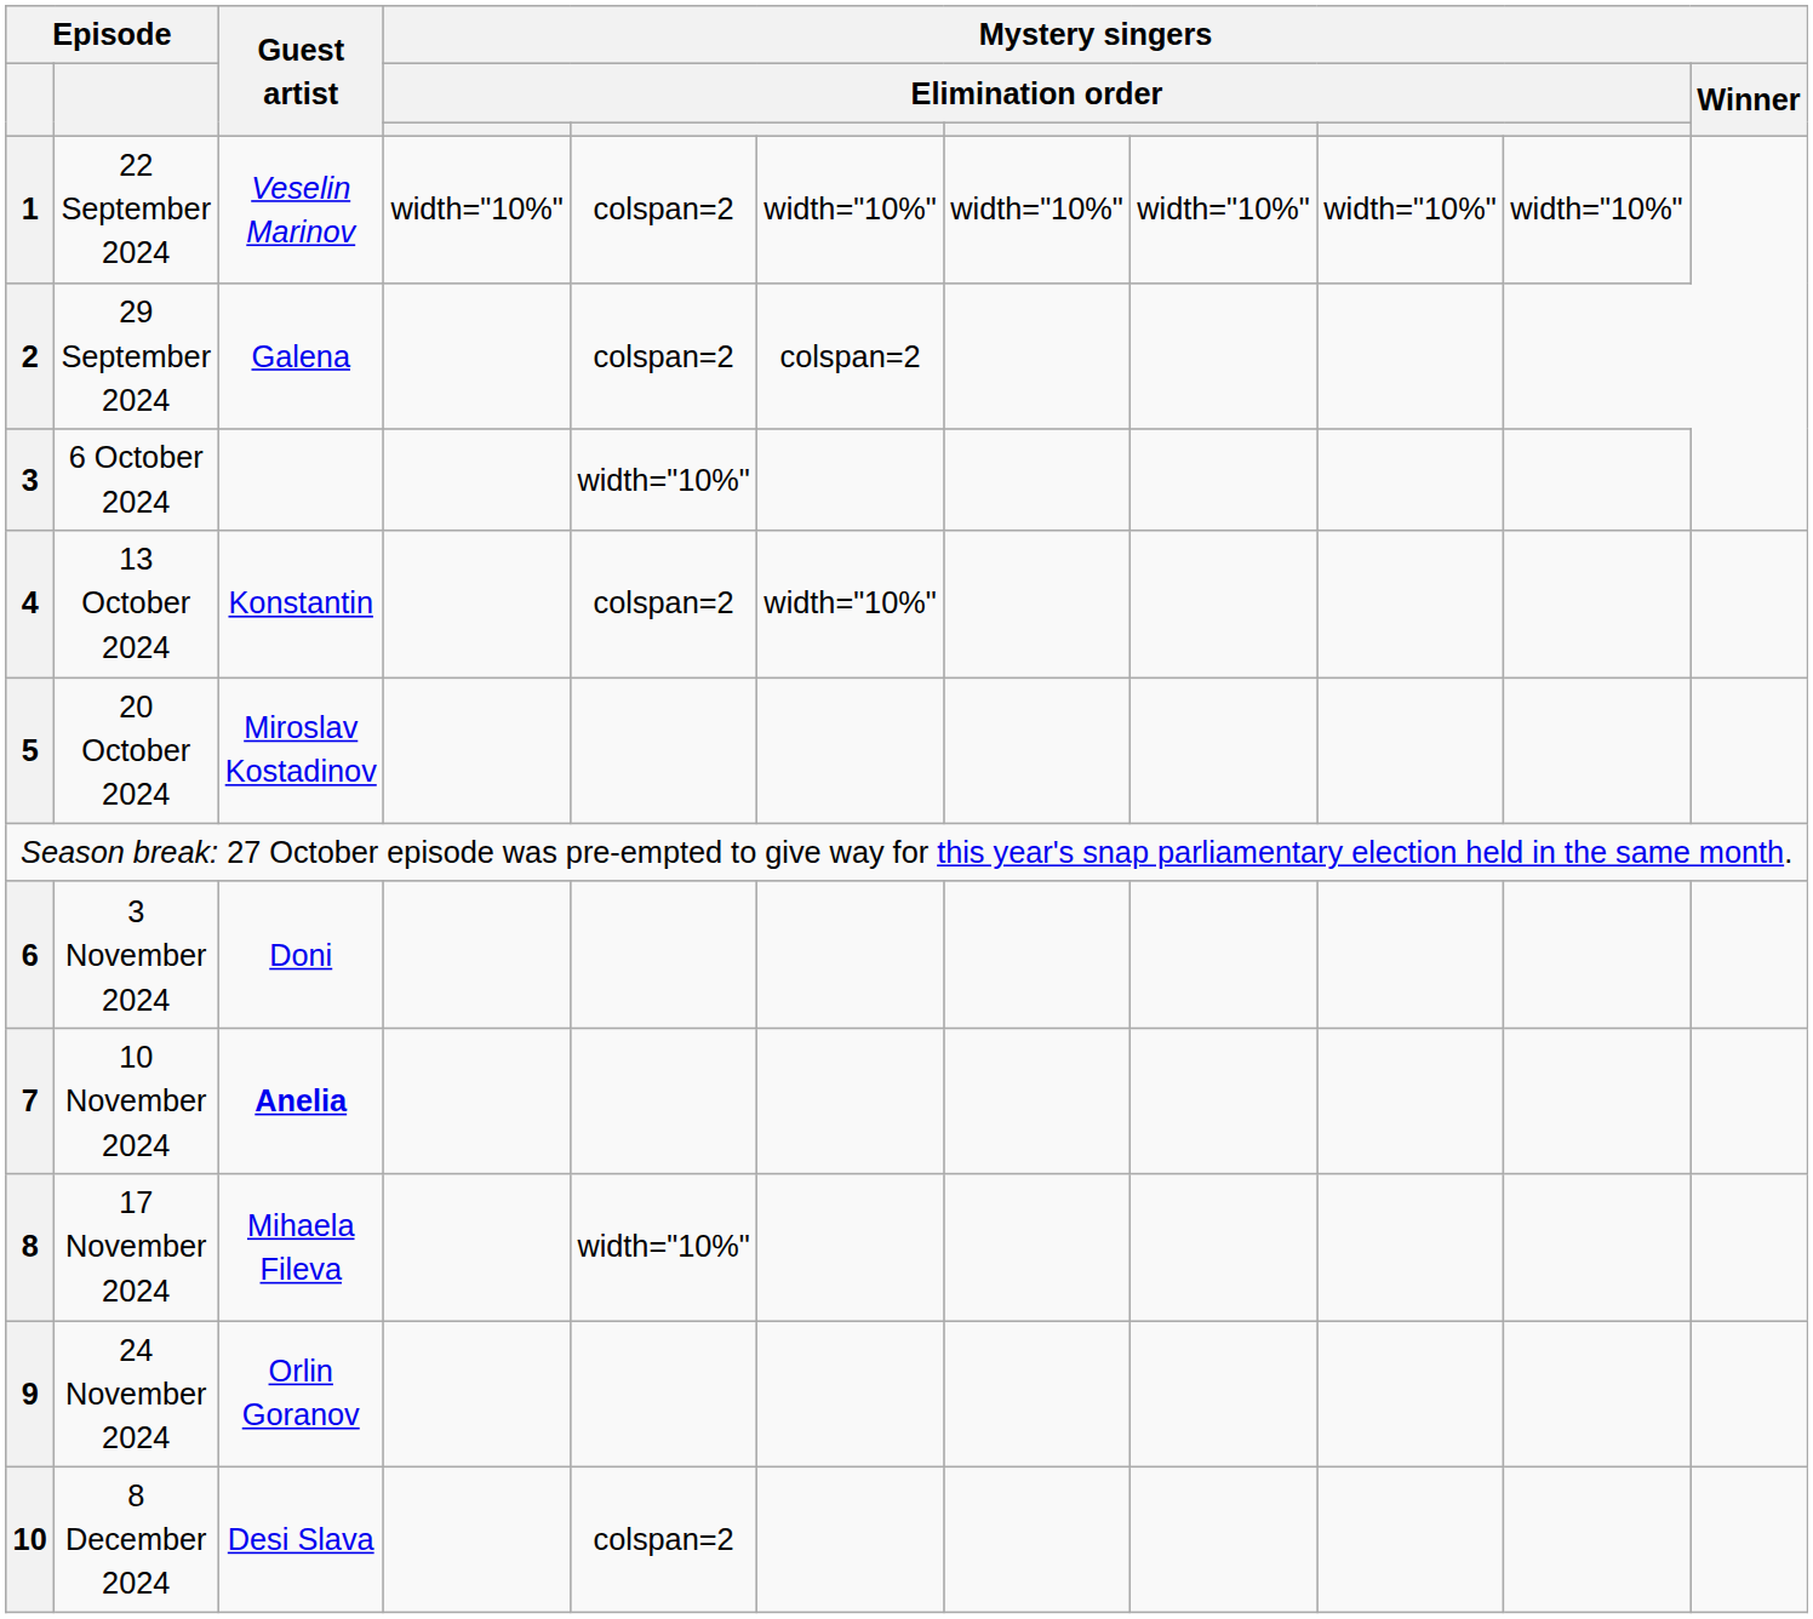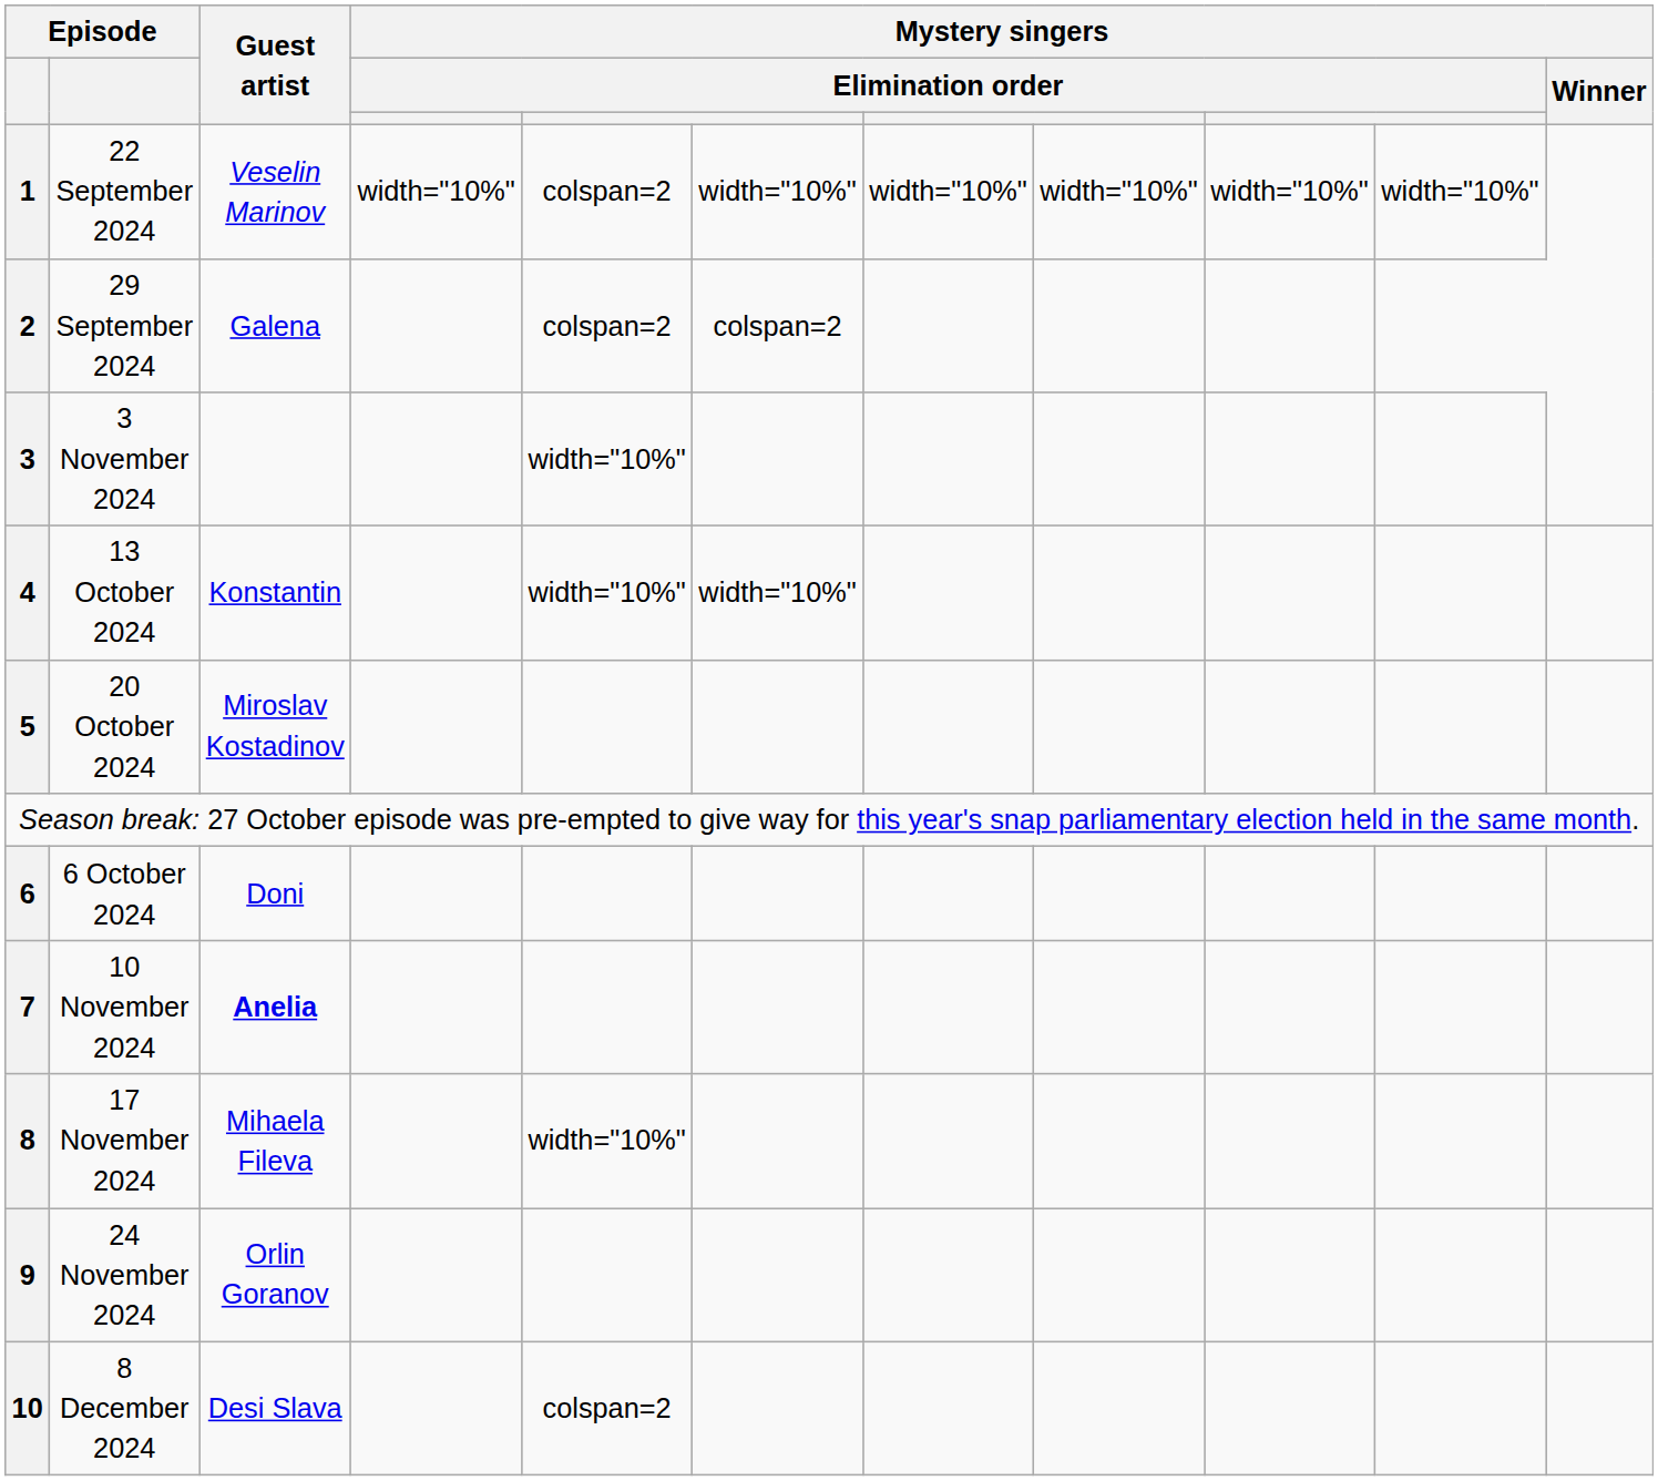 <table class="wikitable plainrowheaders mw-collapsible" style="text-align:center; line-height:23px; width:100%;">
 <tr>
 <th colspan="2" width="1%">Episode</th>
 <th rowspan="3" width="10%">Guest artist</th>
 <th colspan="8">Mystery singers<br></th>
 </tr>
 <tr>
 <th rowspan="2"></th>
 <th rowspan="2"></th>
 <th colspan="7">Elimination order</th>
 <th rowspan="2">Winner</th>
 </tr>
 <tr>
 <th></th>
 <th colspan="2"></th>
 <th colspan="2"></th>
 <th colspan="2"></th>
 </tr>
 <tr>
 <th>1</th>
 <td>22 September 2024</td>
 <td><em><a href='#'>Veselin Marinov</a></em></td>
 <td>width="10%" </td>
 <td>colspan=2 </td>
 <td>width="10%" </td>
 <td>width="10%" </td>
 <td>width="10%" </td>
 <td>width="10%" </td>
 <td>width="10%" </td>
 </tr>
 <tr>
 <th>2</th>
 <td>29 September 2024</td>
 <td><a href='#'>Galena</a><br></td>
 <td></td>
 <td>colspan=2 </td>
 <td>colspan=2 </td>
 <td></td>
 <td></td>
 <td></td>
 </tr>
 <tr>
 <th>3</th>
-<td>6 October 2024</td>
+<td>3 November 2024</td>
 <td></td>
 <td></td>
 <td>width="10%" </td>
 <td></td>
 <td></td>
 <td></td>
 <td></td>
 <td></td>
 </tr>
 <tr>
 <th>4</th>
 <td>13 October 2024</td>
 <td><a href='#'>Konstantin</a><br></td>
 <td></td>
-<td>colspan=2 </td>
+<td>width="10%" </td>
 <td>width="10%" </td>
 <td></td>
 <td></td>
 <td></td>
 <td></td>
 <td></td>
 </tr>
 <tr>
 <th>5</th>
 <td>20 October 2024</td>
 <td><a href='#'>Miroslav Kostadinov</a><br></td>
 <td></td>
 <td></td>
 <td></td>
 <td></td>
 <td></td>
 <td></td>
 <td></td>
 <td></td>
 </tr>
 <tr>
 <td colspan=11><em>Season break:</em> 27 October episode was pre-empted to give way for <a href='#'>this year's snap parliamentary election held in the same month</a>.</td>
 </tr>
 <tr>
 <th>6</th>
-<td>3 November 2024</td>
+<td>6 October 2024</td>
 <td><a href='#'>Doni</a><br></td>
 <td></td>
 <td></td>
 <td></td>
 <td></td>
 <td></td>
 <td></td>
 <td></td>
 <td></td>
 </tr>
 <tr>
 <th>7</th>
 <td>10 November 2024</td>
 <td><strong><a href='#'>Anelia</a></strong></td>
 <td></td>
 <td></td>
 <td></td>
 <td></td>
 <td></td>
 <td></td>
 <td></td>
 <td></td>
 </tr>
 <tr>
 <th>8</th>
 <td>17 November 2024</td>
 <td><a href='#'>Mihaela Fileva</a></td>
 <td></td>
 <td>width="10%" </td>
 <td></td>
 <td></td>
 <td></td>
 <td></td>
 <td></td>
 </tr>
 <tr>
 <th>9</th>
 <td>24 November 2024</td>
 <td><a href='#'>Orlin Goranov</a><br></td>
 <td></td>
 <td></td>
 <td></td>
 <td></td>
 <td></td>
 <td></td>
 <td></td>
 <td></td>
 </tr>
 <tr>
 <th>10</th>
 <td>8 December 2024</td>
 <td><a href='#'>Desi Slava</a><br></td>
 <td></td>
 <td>colspan=2 </td>
 <td></td>
 <td></td>
 <td></td>
 <td></td>
 <td></td>
 </tr>
 </table>
